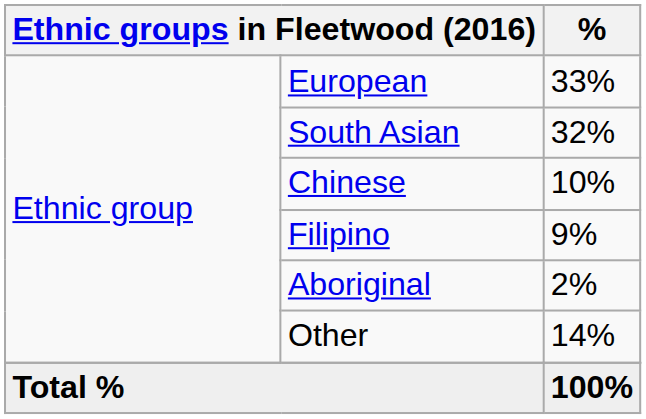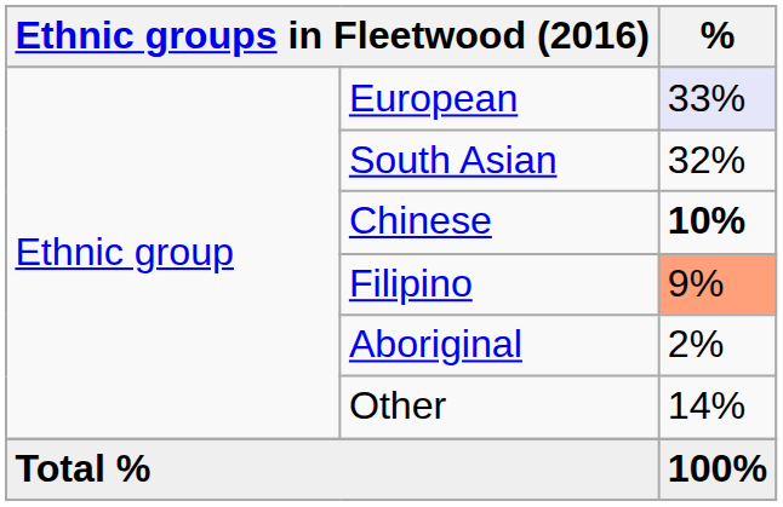 <table class="wikitable">
 <tr>
 <th colspan=2><a href='#'>Ethnic groups</a> in Fleetwood (2016)<br></th>
 <th>%</th>
 </tr>
 <tr>
 <td rowspan=6><a href='#'>Ethnic group</a></td>
 <td><a href='#'>European</a></td>
-<td>33%</td>
+<td style="background: lavender;">33%</td>
 </tr>
 <tr>
 <td><a href='#'>South Asian</a></td>
 <td>32%</td>
 </tr>
 <tr>
 <td><a href='#'>Chinese</a></td>
-<td>10%</td>
+<td><strong>10%</strong></td>
 </tr>
 <tr>
 <td><a href='#'>Filipino</a></td>
-<td>9%</td>
+<td style="background: lightsalmon;">9%</td>
 </tr>
 <tr>
 <td><a href='#'>Aboriginal</a></td>
 <td>2%</td>
 </tr>
 <tr>
 <td>Other</td>
 <td>14%</td>
 </tr>
 <tr>
 </tr>
 <tr style="background:#efefef; font-weight:bold">
 <td colspan=2>Total %</td>
 <td>100%</td>
 </tr>
 </table>
